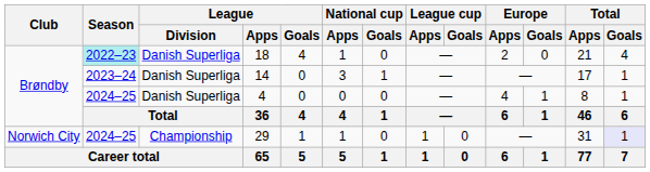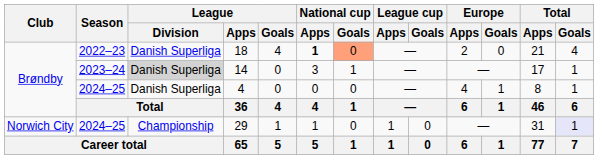 <table class="wikitable" style="text-align: center;">
 <tr>
 <th rowspan="2">Club</th>
 <th rowspan="2">Season</th>
 <th colspan="3">League</th>
 <th colspan="2">National cup</th>
 <th colspan="2">League cup</th>
 <th colspan="2">Europe</th>
 <th colspan="2">Total</th>
 </tr>
 <tr>
 <th>Division</th>
 <th>Apps</th>
 <th>Goals</th>
 <th>Apps</th>
 <th>Goals</th>
 <th>Apps</th>
 <th>Goals</th>
 <th>Apps</th>
 <th>Goals</th>
 <th>Apps</th>
 <th>Goals</th>
 </tr>
 <tr>
 <td rowspan="4"><a href='#'>Brøndby</a></td>
-<td style="background: paleturquoise;"><a href='#'>2022–23</a></td>
+<td><a href='#'>2022–23</a></td>
 <td><a href='#'>Danish Superliga</a></td>
 <td>18</td>
 <td>4</td>
-<td>1</td>
-<td>0</td>
+<td><strong>1</strong></td>
+<td style="background: lightsalmon;">0</td>
 <td colspan="2">—</td>
 <td>2</td>
 <td>0</td>
 <td>21</td>
 <td>4</td>
 </tr>
 <tr>
 <td><a href='#'>2023–24</a></td>
-<td>Danish Superliga</td>
+<td style="background: lightgrey;">Danish Superliga</td>
 <td>14</td>
 <td>0</td>
 <td>3</td>
 <td>1</td>
 <td colspan="2">—</td>
 <td colspan="2">—</td>
 <td>17</td>
 <td>1</td>
 </tr>
 <tr>
 <td><a href='#'>2024–25</a></td>
 <td>Danish Superliga</td>
 <td>4</td>
 <td>0</td>
 <td>0</td>
 <td>0</td>
 <td colspan="2">—</td>
 <td>4</td>
 <td>1</td>
 <td>8</td>
 <td>1</td>
 </tr>
 <tr>
 <th colspan="2">Total</th>
 <th>36</th>
 <th>4</th>
 <th>4</th>
 <th>1</th>
 <th colspan="2">—</th>
 <th>6</th>
 <th>1</th>
 <th>46</th>
 <th>6</th>
 </tr>
 <tr>
 <td rowspan="1"><a href='#'>Norwich City</a></td>
 <td><a href='#'>2024–25</a></td>
 <td><a href='#'>Championship</a></td>
 <td>29</td>
 <td>1</td>
 <td>1</td>
 <td>0</td>
 <td>1</td>
 <td>0</td>
 <td colspan="2">—</td>
 <td>31</td>
 <td style="background: lavender;">1</td>
 </tr>
 <tr>
 <th colspan="3">Career total</th>
 <th>65</th>
 <th>5</th>
 <th>5</th>
 <th>1</th>
 <th>1</th>
 <th>0</th>
 <th>6</th>
 <th>1</th>
 <th>77</th>
 <th>7</th>
 </tr>
 </table>
